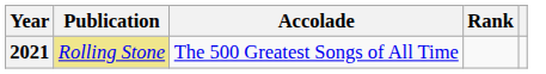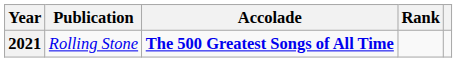 <table class="wikitable plainrowheaders">
 <tr>
 <th scope="col">Year</th>
 <th scope="col">Publication</th>
 <th scope="col">Accolade</th>
 <th scope="col">Rank</th>
 <th scope="col"></th>
 </tr>
 <tr>
 <th scope="row">2021</th>
-<td style="background: khaki;"><em><a href='#'>Rolling Stone</a></em></td>
-<td><a href='#'>The 500 Greatest Songs of All Time</a></td>
+<td><em><a href='#'>Rolling Stone</a></em></td>
+<td><strong><a href='#'>The 500 Greatest Songs of All Time</a></strong></td>
 <td></td>
 <td></td>
 </tr>
 </table>
